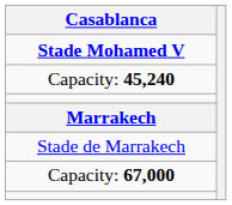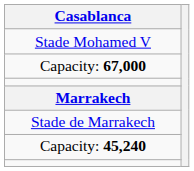 <table class=wikitable style="text-align:center">
 <tr>
 <th width=175><a href='#'>Casablanca</a></th>
 <th rowspan=8><br></th>
 </tr>
 <tr>
-<td><strong><a href='#'>Stade Mohamed V</a></strong></td>
+<td><a href='#'>Stade Mohamed V</a></td>
 </tr>
 <tr>
-<td>Capacity: <strong>45,240</strong></td>
+<td>Capacity: <strong>67,000</strong></td>
 </tr>
 <tr>
 <td></td>
 </tr>
 <tr>
 <th><a href='#'>Marrakech</a></th>
 </tr>
 <tr>
 <td><a href='#'>Stade de Marrakech</a></td>
 </tr>
 <tr>
-<td>Capacity: <strong>67,000</strong></td>
+<td>Capacity: <strong>45,240</strong></td>
 </tr>
 <tr>
 <td></td>
 </tr>
 </table>
